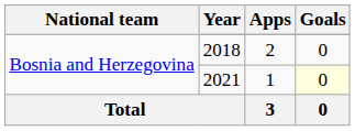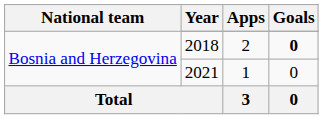 <table class=wikitable style="text-align: center">
 <tr>
 <th>National team</th>
 <th>Year</th>
 <th>Apps</th>
 <th>Goals</th>
 </tr>
 <tr>
 <td rowspan=3><a href='#'>Bosnia and Herzegovina</a></td>
 </tr>
 <tr>
 <td>2018</td>
 <td>2</td>
-<td>0</td>
+<td><strong>0</strong></td>
 </tr>
 <tr>
 <td>2021</td>
 <td>1</td>
-<td style="background: lightyellow;">0</td>
+<td>0</td>
 </tr>
 <tr>
 <th colspan=2>Total</th>
 <th>3</th>
 <th>0</th>
 </tr>
 </table>
